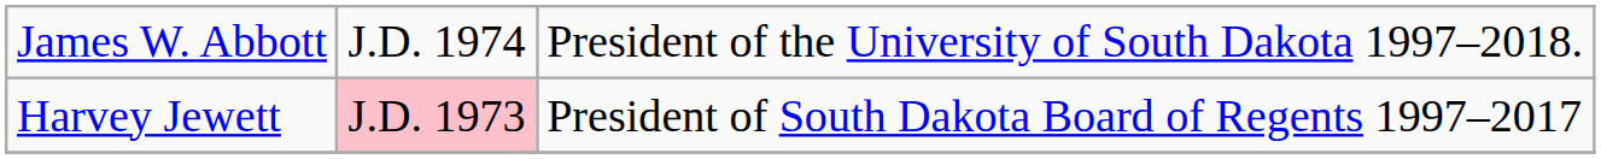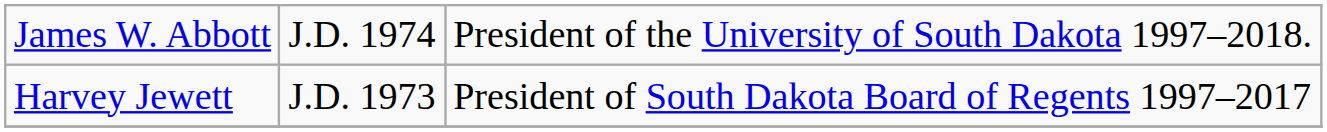 <table class="wikitable">
 <tr>
 <td><a href='#'>James W. Abbott</a></td>
 <td>J.D. 1974</td>
 <td>President of the <a href='#'>University of South Dakota</a> 1997–2018.</td>
 </tr>
 <tr>
 <td><a href='#'>Harvey Jewett</a></td>
-<td style="background: pink;">J.D. 1973</td>
+<td>J.D. 1973</td>
 <td>President of <a href='#'>South Dakota Board of Regents</a> 1997–2017</td>
 </tr>
 <tr>
 </tr>
 </table>
